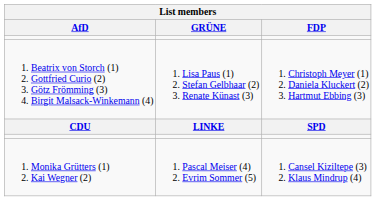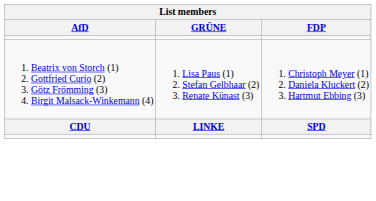 <table class=wikitable>
 <tr>
 <th colspan=3>List members</th>
 </tr>
 <tr>
 <th><a href='#'>AfD</a></th>
 <th><a href='#'>GRÜNE</a></th>
 <th><a href='#'>FDP</a></th>
 </tr>
 <tr>
 <td bgcolor=></td>
 <td bgcolor=></td>
 <td bgcolor=></td>
 </tr>
 <tr>
 <td><br><ol><li><a href='#'>Beatrix von Storch</a> (1)</li><li><a href='#'>Gottfried Curio</a> (2)</li><li><a href='#'>Götz Frömming</a> (3)</li><li><a href='#'>Birgit Malsack-Winkemann</a> (4)</li></ol></td>
 <td><br><ol><li><a href='#'>Lisa Paus</a> (1)</li><li><a href='#'>Stefan Gelbhaar</a> (2)</li><li><a href='#'>Renate Künast</a> (3)</li></ol></td>
 <td><br><ol><li><a href='#'>Christoph Meyer</a> (1)</li><li><a href='#'>Daniela Kluckert</a> (2)</li><li><a href='#'>Hartmut Ebbing</a> (3)</li></ol></td>
 </tr>
 <tr>
 <th><a href='#'>CDU</a></th>
 <th><a href='#'>LINKE</a></th>
 <th><a href='#'>SPD</a></th>
 </tr>
 <tr>
 <td bgcolor=></td>
 <td bgcolor=></td>
 <td bgcolor=></td>
 </tr>
-<tr>
-<td><br><ol><li><a href='#'>Monika Grütters</a> (1)</li><li><a href='#'>Kai Wegner</a> (2)</li></ol></td>
-<td><br><ol><li><a href='#'>Pascal Meiser</a> (4)</li><li><a href='#'>Evrim Sommer</a> (5)</li></ol></td>
-<td><br><ol><li><a href='#'>Cansel Kiziltepe</a> (3)</li><li><a href='#'>Klaus Mindrup</a> (4)</li></ol></td>
-</tr>
 </table>
